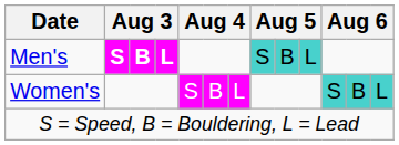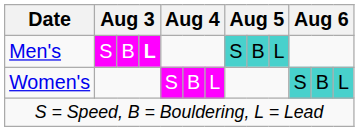 <table class="wikitable olympic-schedule athletics">
 <tr>
 <th>Date</th>
 <th colspan="3">Aug 3</th>
 <th colspan="3">Aug 4</th>
 <th colspan="3">Aug 5</th>
 <th colspan="3">Aug 6</th>
 </tr>
 <tr>
 <td class="event"><a href='#'>Men's</a></td>
-<td style="background-color: #f0f; color: white;"><strong>S </strong></td>
-<td style="background-color: #f0f; color: white;"><strong>B </strong></td>
+<td style="background-color: #f0f; color: white;">S </td>
+<td style="background-color: #f0f; color: white;">B </td>
 <td style="background-color: #f0f; color: white;"><strong>L </strong></td>
 <td colspan="3"></td>
 <td bgcolor="#48D1CC">S </td>
 <td bgcolor="#48D1CC">B </td>
 <td bgcolor="#48D1CC">L </td>
 <td colspan="3"></td>
 </tr>
 <tr>
 <td class="event"><a href='#'>Women's</a></td>
 <td colspan="3"></td>
 <td style="background-color: #f0f; color: white;">S </td>
 <td style="background-color: #f0f; color: white;">B </td>
 <td style="background-color: #f0f; color: white;">L </td>
 <td colspan="3"></td>
 <td bgcolor="#48D1CC">S </td>
 <td bgcolor="#48D1CC">B </td>
 <td bgcolor="#48D1CC">L </td>
 </tr>
 <tr style="font-size:90%;">
 <td style=text-align:center colspan="13" class="event"><em>S = Speed, B = Bouldering, L = Lead</em></td>
 </tr>
 </table>
